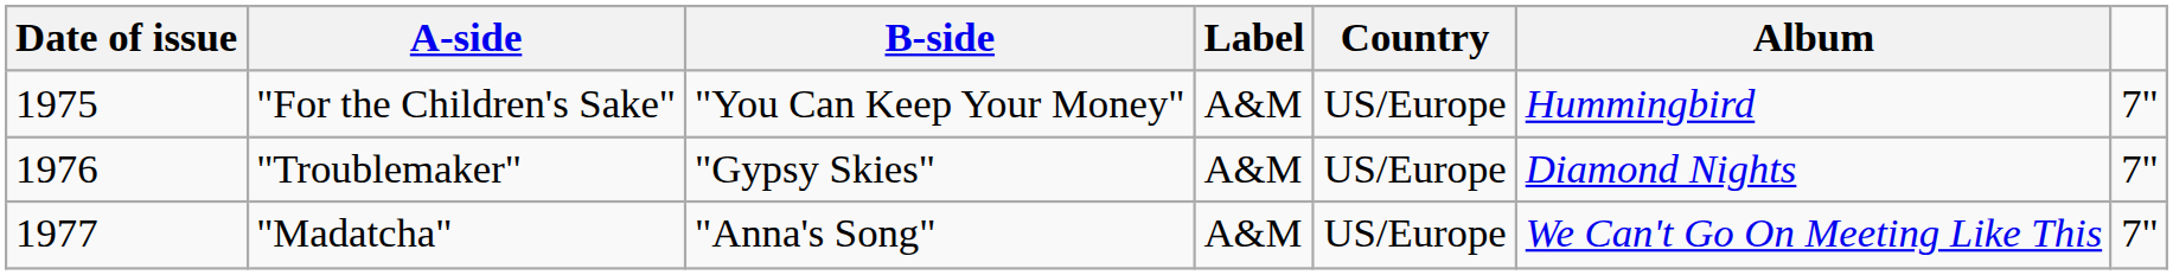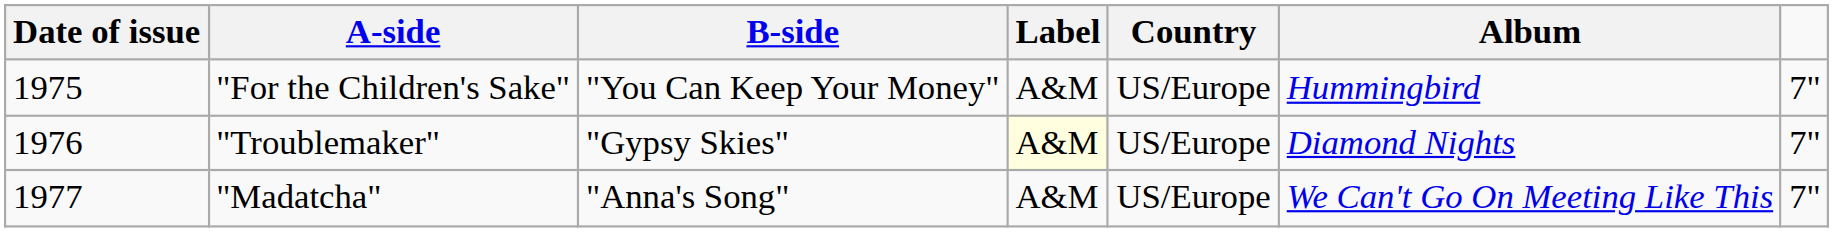 <table class="wikitable">
 <tr>
 <th>Date of issue</th>
 <th><a href='#'>A-side</a></th>
 <th><a href='#'>B-side</a></th>
 <th>Label</th>
 <th>Country</th>
 <th>Album</th>
 </tr>
 <tr>
 <td>1975</td>
 <td>"For the Children's Sake"</td>
 <td>"You Can Keep Your Money"</td>
 <td>A&M</td>
 <td>US/Europe</td>
 <td><em><a href='#'>Hummingbird</a></em></td>
 <td align="center">7"</td>
 </tr>
 <tr>
 <td>1976</td>
 <td>"Troublemaker"</td>
 <td>"Gypsy Skies"</td>
-<td>A&M</td>
+<td style="background: lightyellow;">A&M</td>
 <td>US/Europe</td>
 <td><em><a href='#'>Diamond Nights</a></em></td>
 <td align="center">7"</td>
 </tr>
 <tr>
 <td>1977</td>
 <td>"Madatcha"</td>
 <td>"Anna's Song"</td>
 <td>A&M</td>
 <td>US/Europe</td>
 <td><em><a href='#'>We Can't Go On Meeting Like This</a></em></td>
 <td align="center">7"</td>
 </tr>
 </table>
